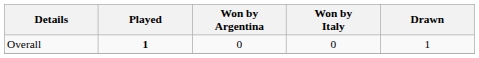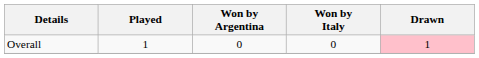 <table class="wikitable">
 <tr>
 <th width="125">Details</th>
 <th width="125">Played</th>
 <th width="125">Won by<br>Argentina</th>
 <th width="125">Won by<br>Italy</th>
 <th width="125">Drawn</th>
 </tr>
 <tr>
 <td>Overall</td>
-<td align=center><strong>1</strong></td>
+<td align=center>1</td>
 <td align=center>0</td>
 <td align=center>0</td>
-<td align=center>1</td>
+<td align=center style="background: pink;">1</td>
 </tr>
 <tr>
 </tr>
 </table>
